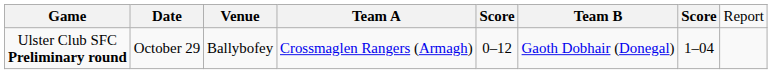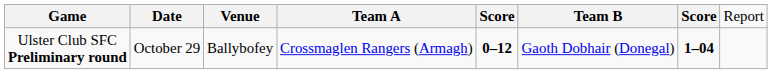 <table class="wikitable">
 <tr>
 <th>Game</th>
 <th>Date</th>
 <th>Venue</th>
 <th>Team A</th>
 <th>Score</th>
 <th>Team B</th>
 <th>Score</th>
 <td>Report</td>
 </tr>
 <tr align="center">
 <td>Ulster Club SFC<br><strong>Preliminary round</strong></td>
 <td>October 29</td>
 <td>Ballybofey</td>
 <td><a href='#'>Crossmaglen Rangers</a> (<a href='#'>Armagh</a>)</td>
-<td>0–12</td>
+<td><strong>0–12</strong></td>
 <td><a href='#'>Gaoth Dobhair</a> (<a href='#'>Donegal</a>)</td>
-<td>1–04</td>
+<td><strong>1–04</strong></td>
 <td></td>
 </tr>
 </table>
